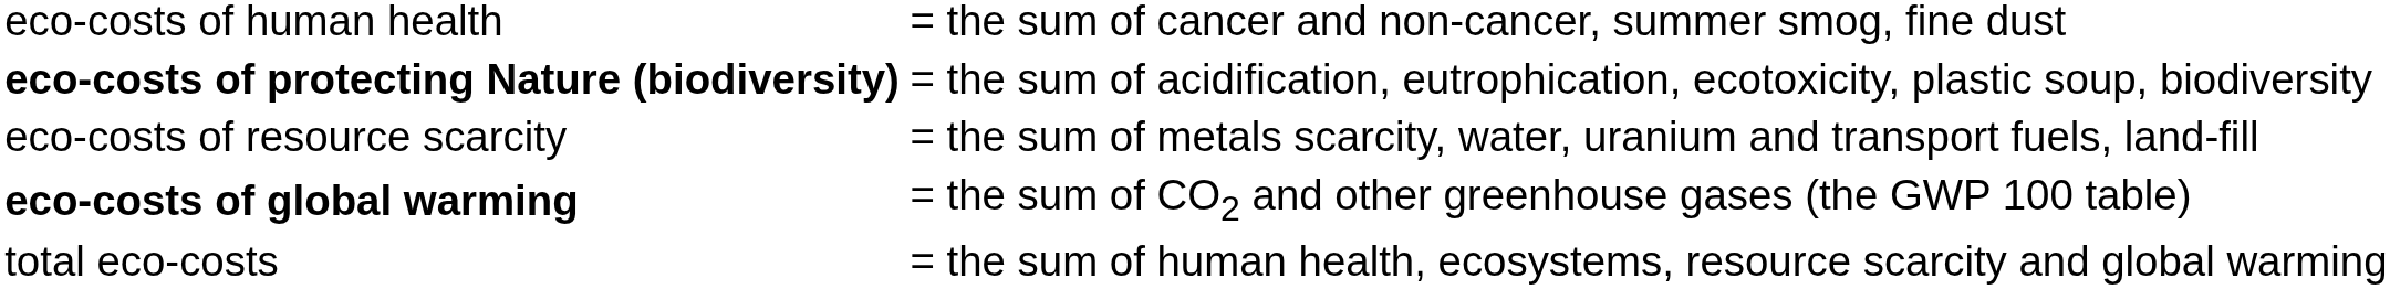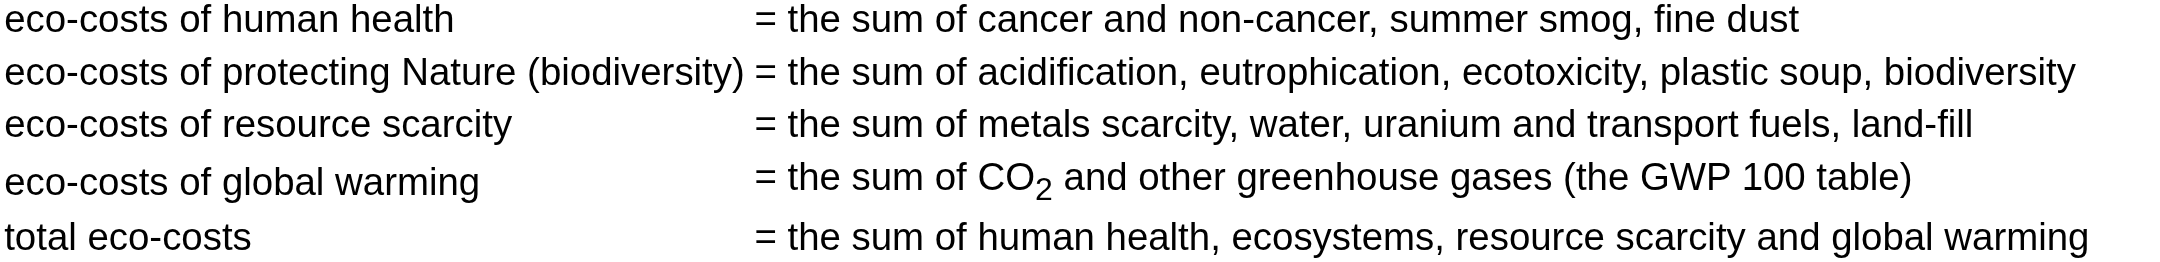 <table>
 <tr>
 <td>eco-costs of human health</td>
 <td>= the sum of cancer and non-cancer, summer smog, fine dust</td>
 </tr>
 <tr>
-<td><strong>eco-costs of protecting Nature (biodiversity)</strong></td>
+<td>eco-costs of protecting Nature (biodiversity)</td>
 <td>= the sum of acidification, eutrophication, ecotoxicity, plastic soup, biodiversity</td>
 </tr>
 <tr>
 <td>eco-costs of resource scarcity</td>
 <td>= the sum of metals scarcity, water, uranium and transport fuels, land-fill</td>
 </tr>
 <tr>
-<td><strong>eco-costs of global warming</strong></td>
+<td>eco-costs of global warming</td>
 <td>= the sum of CO<sub>2</sub> and other greenhouse gases (the GWP 100 table)</td>
 </tr>
 <tr>
 <td>total eco-costs</td>
 <td>= the sum of human health, ecosystems, resource scarcity and global warming</td>
 </tr>
 </table>
